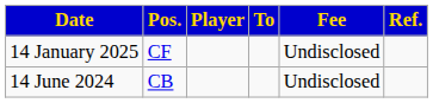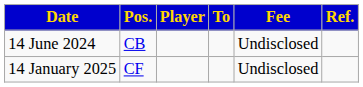 <table class="wikitable plainrowheaders sortable">
 <tr>
 <th style="background:mediumblue;color:gold;">Date</th>
 <th style="background:mediumblue;color:gold;">Pos.</th>
 <th style="background:mediumblue;color:gold;">Player</th>
 <th style="background:mediumblue;color:gold;">To</th>
 <th style="background:mediumblue;color:gold;">Fee</th>
 <th style="background:mediumblue;color:gold;">Ref.</th>
 </tr>
 <tr>
+<td>14 June 2024</td>
+<td><a href='#'>CB</a></td>
+<td></td>
+<td></td>
+<td>Undisclosed</td>
+<td></td>
+</tr>
+<tr>
 <td>14 January 2025</td>
 <td><a href='#'>CF</a></td>
 <td></td>
 <td></td>
 <td>Undisclosed</td>
 <td></td>
 </tr>
-<tr>
-<td>14 June 2024</td>
-<td><a href='#'>CB</a></td>
-<td></td>
-<td></td>
-<td>Undisclosed</td>
-<td></td>
-</tr>
 </table>
